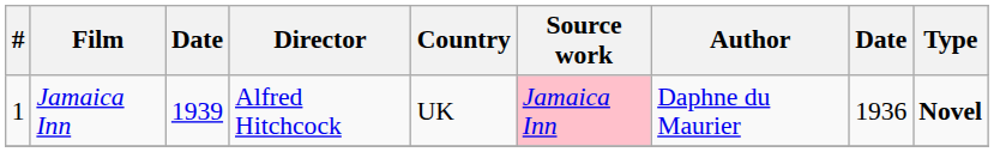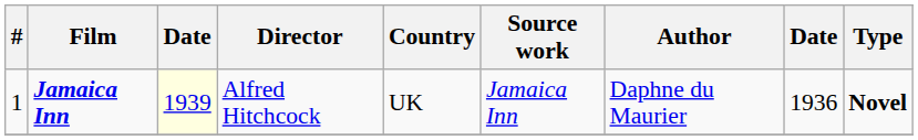 <table class="wikitable">
 <tr>
 <th>#</th>
 <th>Film</th>
 <th>Date</th>
 <th>Director</th>
 <th>Country</th>
 <th>Source<br>work</th>
 <th>Author</th>
 <th>Date</th>
 <th>Type</th>
 </tr>
 <tr>
 <td>1</td>
-<td><em><a href='#'>Jamaica Inn</a></em></td>
-<td><a href='#'>1939</a></td>
+<td><strong><em><a href='#'>Jamaica Inn</a></em></strong></td>
+<td style="background: lightyellow;"><a href='#'>1939</a></td>
 <td><a href='#'>Alfred Hitchcock</a></td>
 <td>UK</td>
-<td style="background: pink;"><em><a href='#'>Jamaica Inn</a></em></td>
+<td><em><a href='#'>Jamaica Inn</a></em></td>
 <td><a href='#'>Daphne du Maurier</a></td>
 <td>1936</td>
 <td><strong>Novel</strong></td>
 </tr>
 <tr>
 </tr>
 </table>
